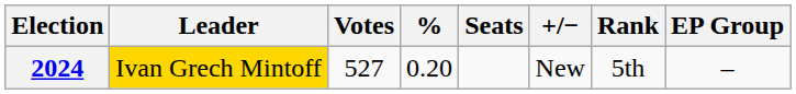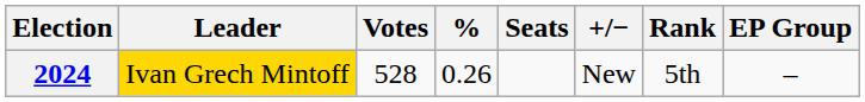 <table class="wikitable" style="text-align:center">
 <tr>
 <th>Election</th>
 <th>Leader</th>
 <th>Votes</th>
 <th>%</th>
 <th>Seats</th>
 <th>+/−</th>
 <th>Rank</th>
 <th>EP Group</th>
 </tr>
 <tr>
 <th><a href='#'>2024</a></th>
 <td style="background: gold;">Ivan Grech Mintoff</td>
-<td>527</td>
-<td>0.20</td>
+<td>528</td>
+<td>0.26</td>
 <td></td>
 <td>New</td>
 <td> 5th</td>
 <td>–</td>
 </tr>
 </table>
